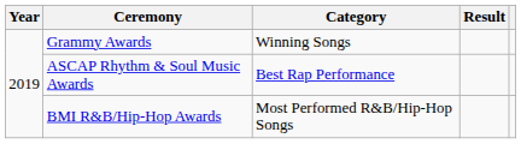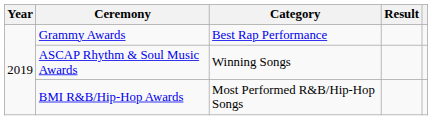 <table class="wikitable sortable plainrowheaders" style="width: 60%;">
 <tr>
 <th scope="col">Year</th>
 <th scope="col">Ceremony</th>
 <th scope="col">Category</th>
 <th scope="col">Result</th>
 <th scope="col" class="unsortable"></th>
 </tr>
 <tr>
 <td rowspan="3">2019</td>
 <td><a href='#'>Grammy Awards</a></td>
-<td>Winning Songs</td>
+<td><a href='#'>Best Rap Performance</a></td>
 <td></td>
 <td style="text-align:center;"></td>
 </tr>
 <tr>
 <td><a href='#'>ASCAP Rhythm & Soul Music Awards</a></td>
-<td><a href='#'>Best Rap Performance</a></td>
+<td>Winning Songs</td>
 <td></td>
 <td style="text-align:center;"></td>
 </tr>
 <tr>
 <td><a href='#'>BMI R&B/Hip-Hop Awards</a></td>
 <td>Most Performed R&B/Hip-Hop Songs</td>
 <td></td>
 <td style="text-align:center;"></td>
 </tr>
 </table>
